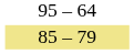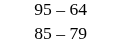 <table style="text-align:center">
 <tr>
 <th width=200></th>
 <th width=100></th>
 <th width=200></th>
 <th></th>
 </tr>
 <tr>
 <td align=right><strong></strong></td>
 <td>95 – 64</td>
 <td align=left></td>
 </tr>
 <tr>
 <td align=right><strong></strong></td>
-<td style="background: khaki;">85 – 79</td>
+<td>85 – 79</td>
 <td align=left></td>
 </tr>
 </table>
